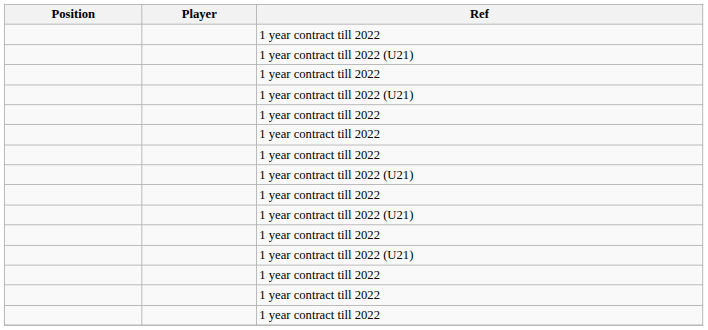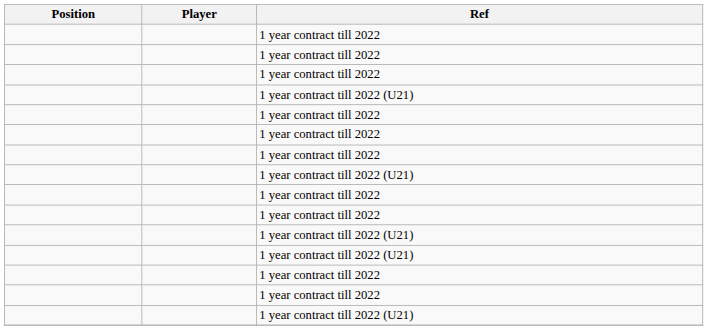 <table class="wikitable sortable" style="width:70%; text-align:center; font-size:100%; text-align:left;">
 <tr>
 <th><strong>Position</strong></th>
 <th><strong>Player</strong></th>
 <th><strong>Ref</strong></th>
 </tr>
 <tr>
 <td></td>
 <td></td>
 <td>1 year contract till 2022 </td>
 </tr>
 <tr>
 <td></td>
 <td></td>
-<td>1 year contract till 2022 (U21) </td>
+<td>1 year contract till 2022 </td>
 </tr>
 <tr>
 <td></td>
 <td></td>
 <td>1 year contract till 2022 </td>
 </tr>
 <tr>
 <td></td>
 <td></td>
 <td>1 year contract till 2022 (U21) </td>
 </tr>
 <tr>
 <td></td>
 <td></td>
 <td>1 year contract till 2022 </td>
 </tr>
 <tr>
 <td></td>
 <td></td>
 <td>1 year contract till 2022 </td>
 </tr>
 <tr>
 <td></td>
 <td></td>
 <td>1 year contract till 2022 </td>
 </tr>
 <tr>
 <td></td>
 <td></td>
 <td>1 year contract till 2022 (U21) </td>
 </tr>
 <tr>
 <td></td>
 <td></td>
 <td>1 year contract till 2022 </td>
 </tr>
 <tr>
 <td></td>
 <td></td>
-<td>1 year contract till 2022 (U21) </td>
+<td>1 year contract till 2022 </td>
 </tr>
 <tr>
 <td></td>
 <td></td>
-<td>1 year contract till 2022 </td>
+<td>1 year contract till 2022 (U21) </td>
 </tr>
 <tr>
 <td></td>
 <td></td>
 <td>1 year contract till 2022 (U21) </td>
 </tr>
 <tr>
 <td></td>
 <td></td>
 <td>1 year contract till 2022 </td>
 </tr>
 <tr>
 <td></td>
 <td></td>
 <td>1 year contract till 2022 </td>
 </tr>
 <tr>
 <td></td>
 <td></td>
-<td>1 year contract till 2022 </td>
+<td>1 year contract till 2022 (U21) </td>
 </tr>
 <tr>
 </tr>
 </table>
